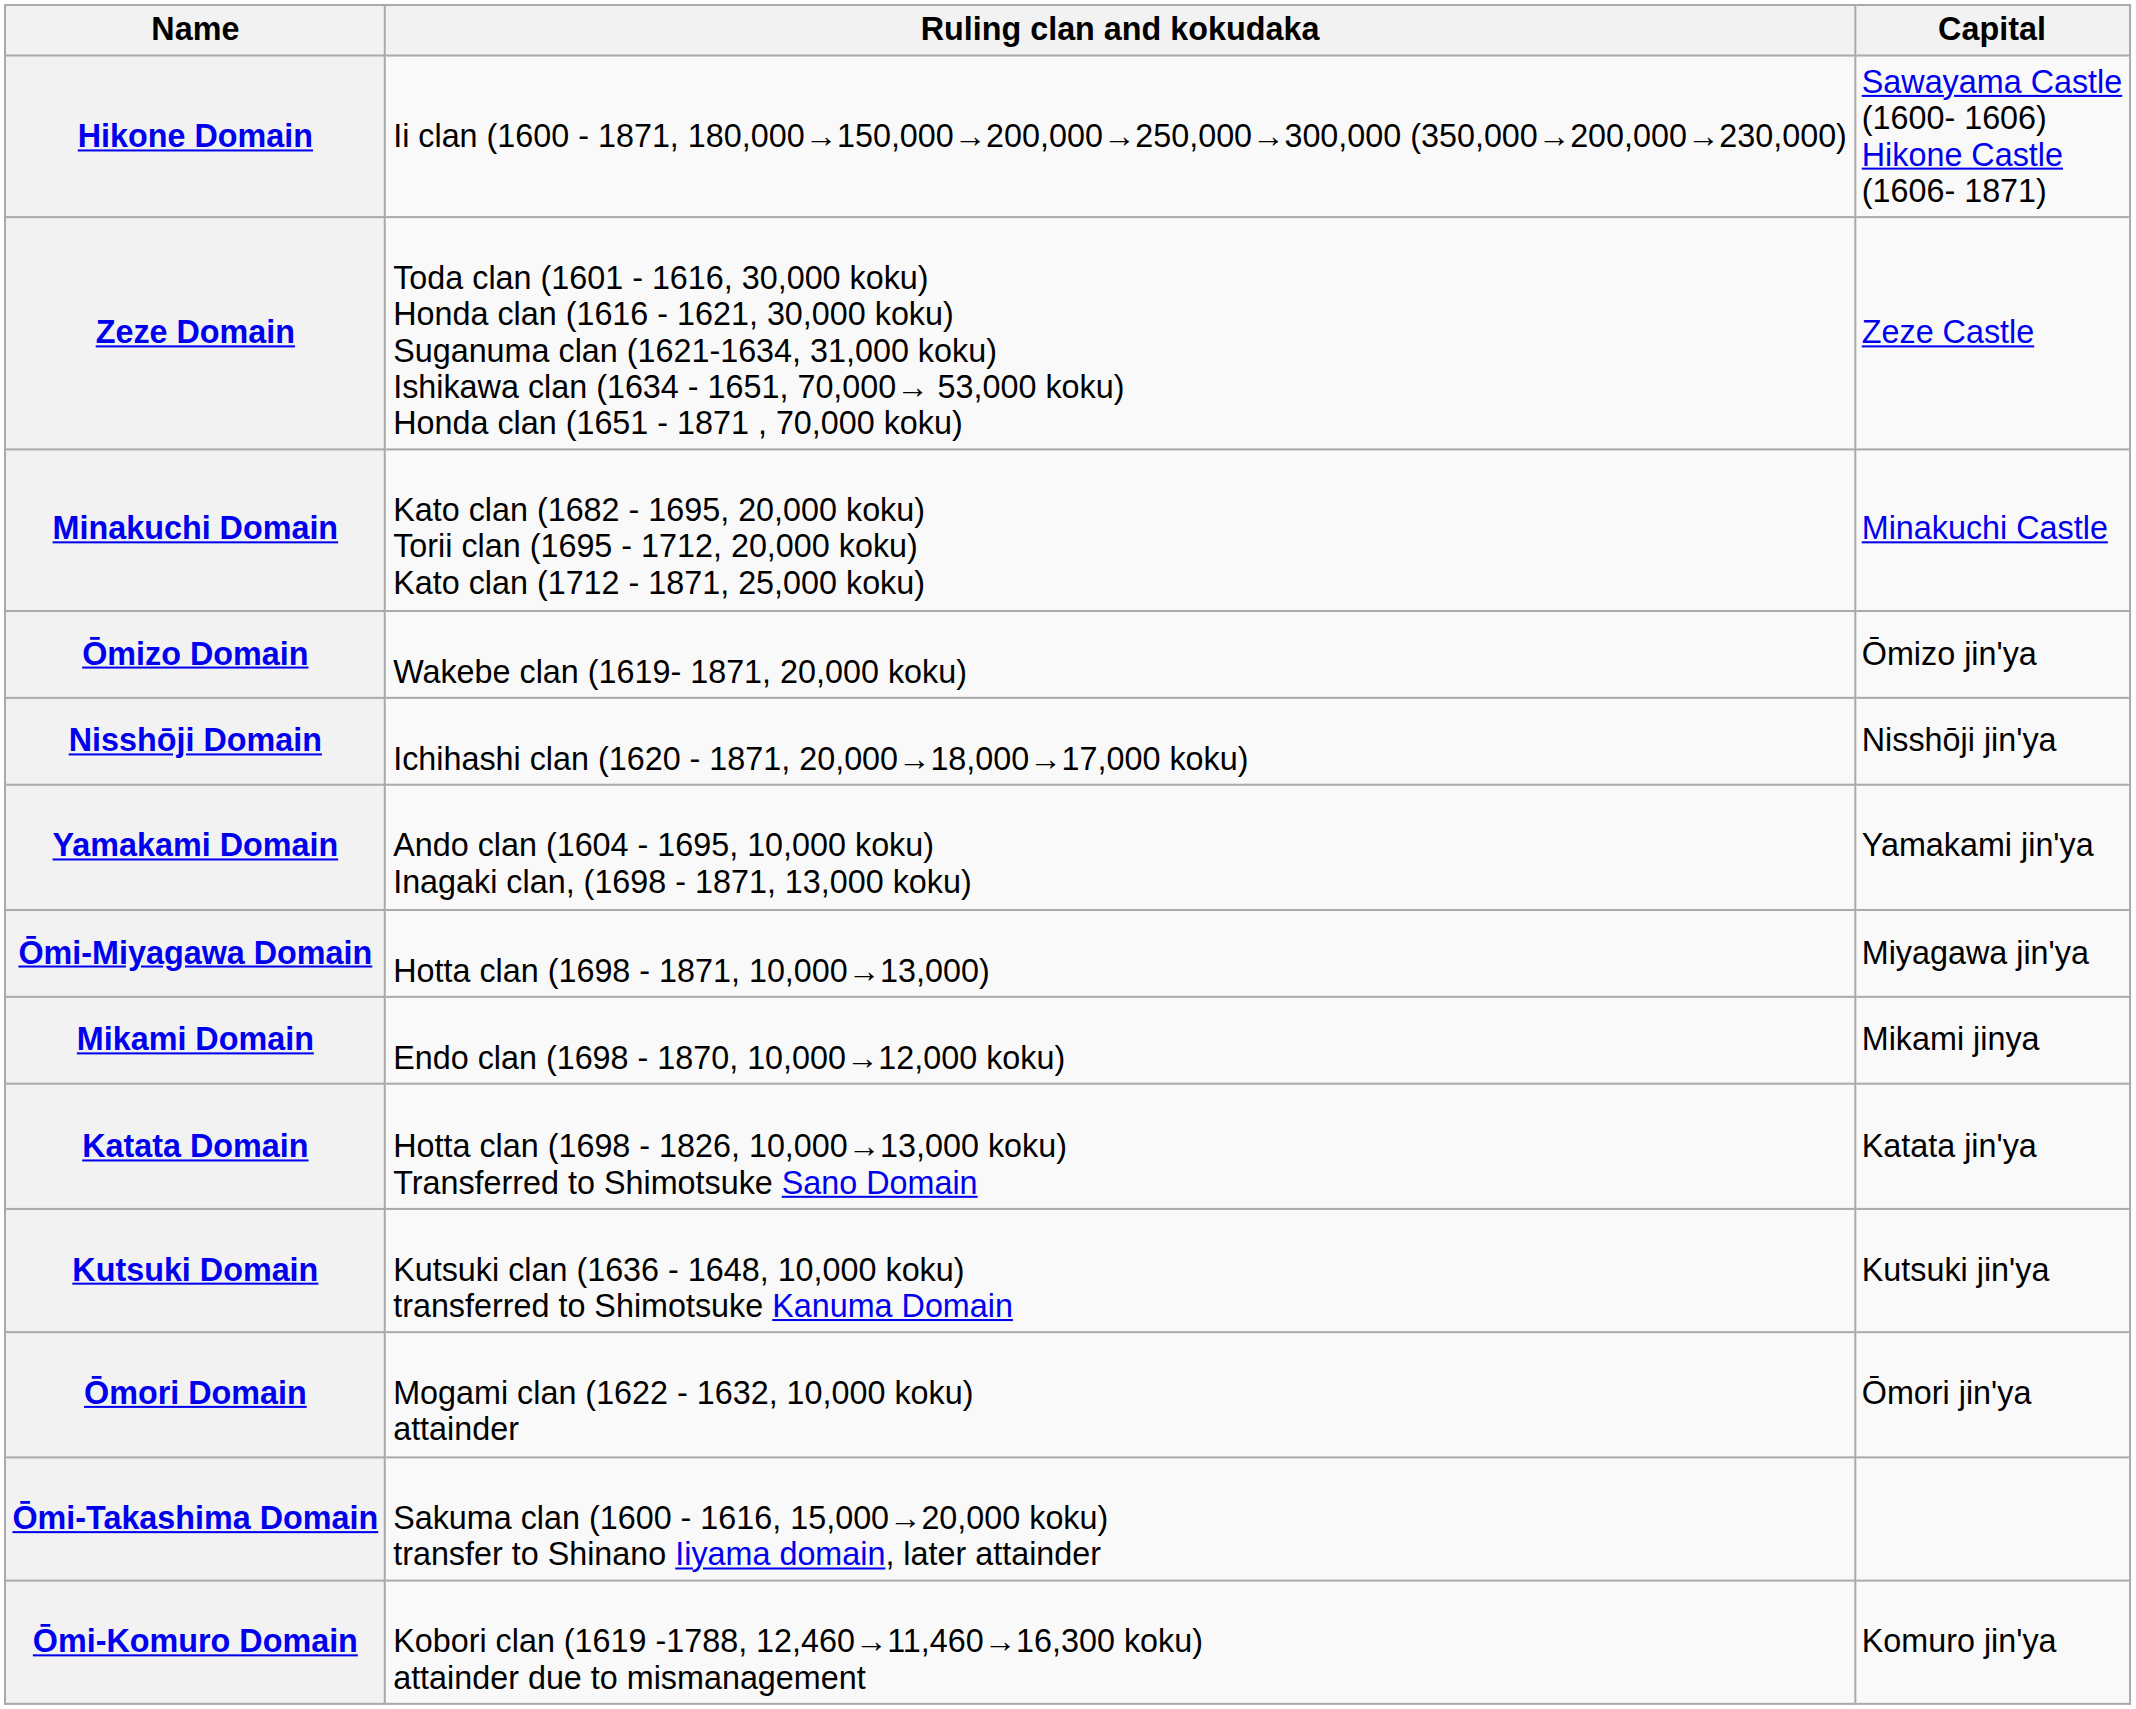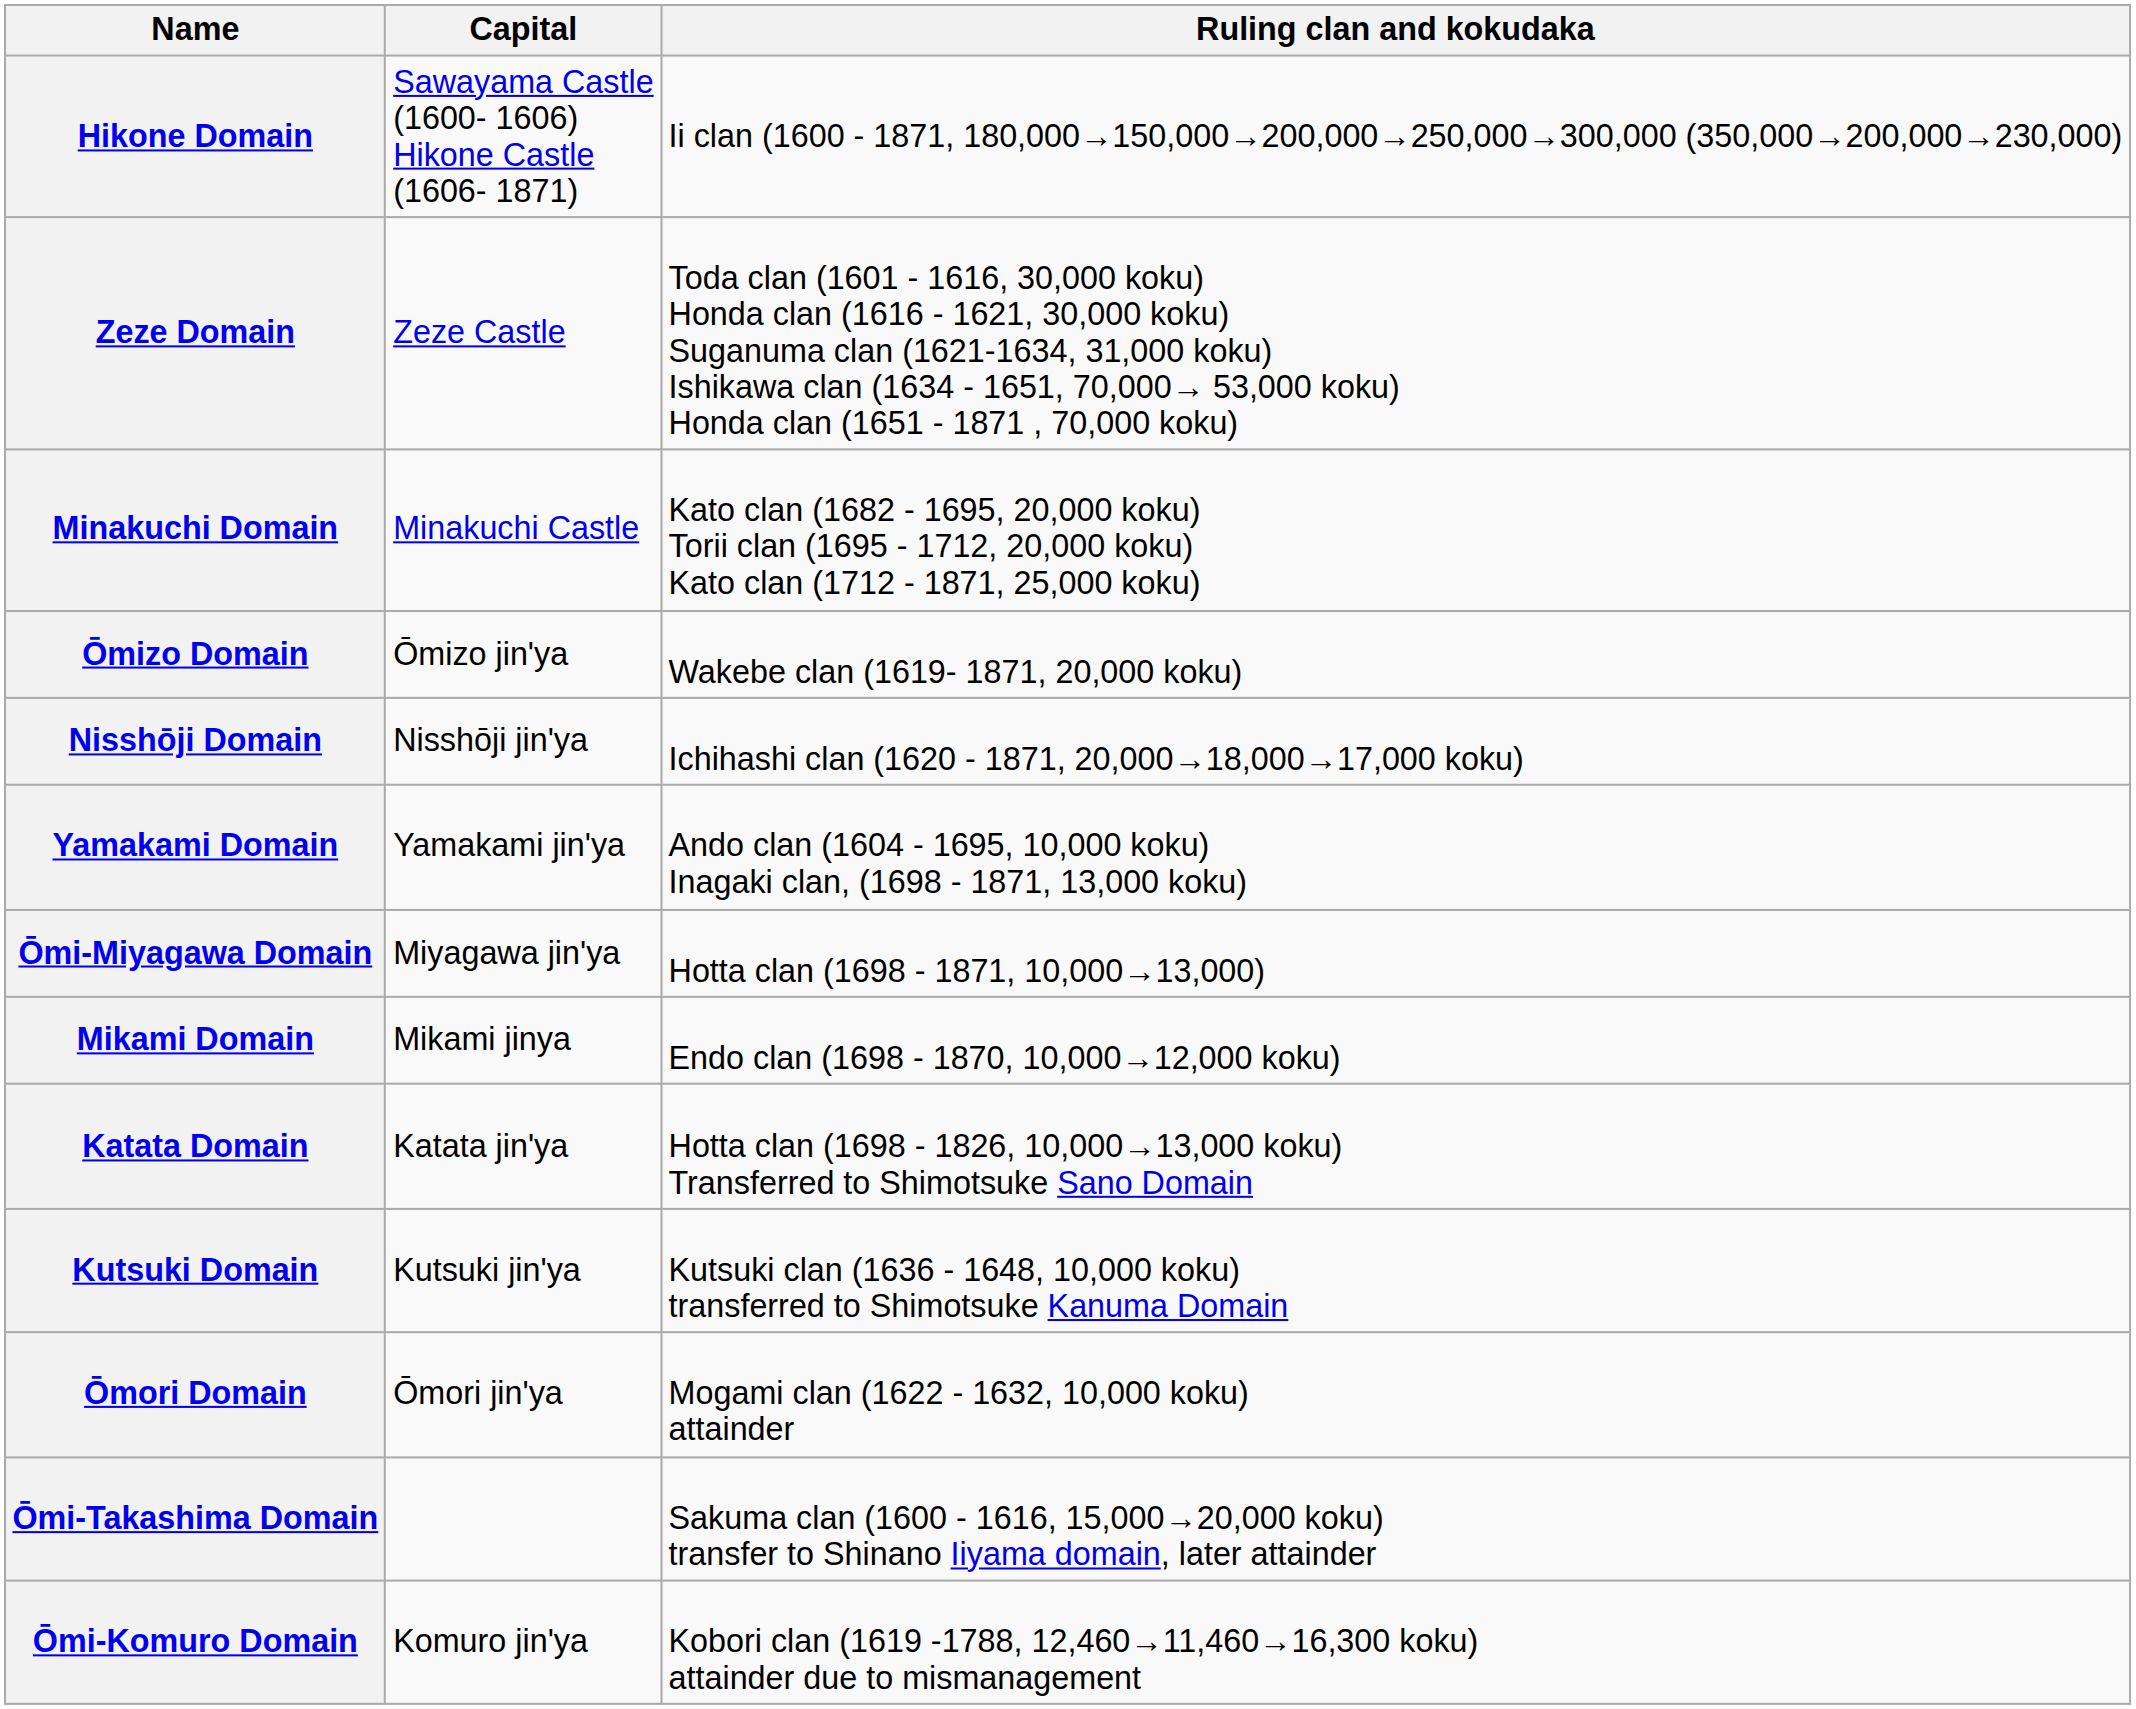 <table class="wikitable">
 <tr>
 <th>Name</th>
+<th>Capital</th>
 <th>Ruling clan and kokudaka</th>
-<th>Capital</th>
 </tr>
 <tr>
 <th><a href='#'>Hikone Domain</a></th>
+<td><a href='#'>Sawayama Castle</a><br> (1600- 1606)<br><a href='#'>Hikone Castle</a><br> (1606- 1871)</td>
 <td>Ii clan (1600 - 1871, 180,000→150,000→200,000→250,000→300,000 (350,000→200,000→230,000)</td>
-<td><a href='#'>Sawayama Castle</a><br> (1600- 1606)<br><a href='#'>Hikone Castle</a><br> (1606- 1871)</td>
 </tr>
 <tr>
 <th><a href='#'>Zeze Domain</a></th>
+<td><a href='#'>Zeze Castle</a></td>
 <td><br>Toda clan (1601 - 1616, 30,000 koku)<br> Honda clan (1616 - 1621, 30,000 koku)<br> Suganuma clan (1621-1634, 31,000 koku)<br> Ishikawa clan (1634 - 1651, 70,000→ 53,000 koku)<br> Honda clan (1651 - 1871 , 70,000 koku)</td>
-<td><a href='#'>Zeze Castle</a></td>
 </tr>
 <tr>
 <th><a href='#'>Minakuchi Domain</a></th>
+<td><a href='#'>Minakuchi Castle</a></td>
 <td><br>Kato clan (1682 - 1695, 20,000 koku)<br> Torii clan (1695 - 1712, 20,000 koku)<br> Kato clan (1712 - 1871, 25,000 koku)</td>
-<td><a href='#'>Minakuchi Castle</a></td>
 </tr>
 <tr>
 <th><a href='#'>Ōmizo Domain</a></th>
+<td>Ōmizo jin'ya</td>
 <td><br>Wakebe clan (1619- 1871, 20,000 koku)</td>
-<td>Ōmizo jin'ya</td>
 </tr>
 <tr>
 <th><a href='#'>Nisshōji Domain</a></th>
+<td>Nisshōji jin'ya</td>
 <td><br>Ichihashi clan (1620 - 1871, 20,000→18,000→17,000 koku)</td>
-<td>Nisshōji jin'ya</td>
 </tr>
 <tr>
 <th><a href='#'>Yamakami Domain</a></th>
+<td>Yamakami jin'ya</td>
 <td><br>Ando clan (1604 - 1695, 10,000 koku)<br> Inagaki clan, (1698 - 1871, 13,000 koku)</td>
-<td>Yamakami jin'ya</td>
 </tr>
 <tr>
 <th><a href='#'>Ōmi-Miyagawa Domain</a></th>
+<td>Miyagawa jin'ya</td>
 <td><br>Hotta clan (1698 - 1871, 10,000→13,000)</td>
-<td>Miyagawa jin'ya</td>
 </tr>
 <tr>
 <th><a href='#'>Mikami Domain</a></th>
+<td>Mikami jinya</td>
 <td><br>Endo clan (1698 - 1870, 10,000→12,000 koku)</td>
-<td>Mikami jinya</td>
 </tr>
 <tr>
 <th><a href='#'>Katata Domain</a></th>
+<td>Katata jin'ya</td>
 <td><br>Hotta clan (1698 - 1826, 10,000→13,000 koku)<br> Transferred to Shimotsuke <a href='#'>Sano Domain</a></td>
-<td>Katata jin'ya</td>
 </tr>
 <tr>
 <th><a href='#'>Kutsuki Domain</a></th>
+<td>Kutsuki jin'ya</td>
 <td><br>Kutsuki clan (1636 - 1648, 10,000 koku)<br> transferred to Shimotsuke <a href='#'>Kanuma Domain</a></td>
-<td>Kutsuki jin'ya</td>
 </tr>
 <tr>
 <th><a href='#'>Ōmori Domain</a></th>
+<td>Ōmori jin'ya</td>
 <td><br>Mogami clan (1622 - 1632, 10,000 koku)<br> attainder</td>
-<td>Ōmori jin'ya</td>
 </tr>
 <tr>
 <th><a href='#'>Ōmi-Takashima Domain</a></th>
+<td></td>
 <td><br>Sakuma clan (1600 - 1616, 15,000→20,000 koku)<br> transfer to Shinano <a href='#'>Iiyama domain</a>, later attainder</td>
-<td></td>
 </tr>
 <tr>
 <th><a href='#'>Ōmi-Komuro Domain</a></th>
+<td>Komuro jin'ya</td>
 <td><br>Kobori clan (1619 -1788, 12,460→11,460→16,300 koku)<br> attainder due to mismanagement</td>
-<td>Komuro jin'ya</td>
 </tr>
 </table>
